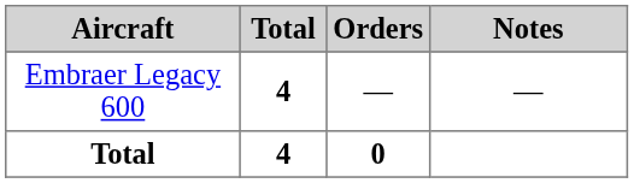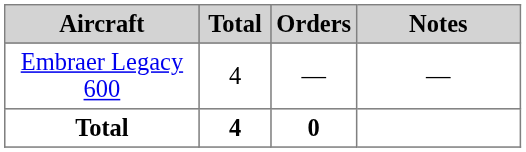 <table class="toccolours" border="1" cellpadding="3" style="border-collapse:collapse; text-align:center">
 <tr style="background:lightgrey">
 <th rowspan="1" style="width:120px;"><span>Aircraft</span></th>
 <th rowspan="1" style="width:40px;"><span>Total</span></th>
 <th rowspan="1" style="width:40px;"><span>Orders</span></th>
 <th rowspan="1" style="width:100px;"><span>Notes</span></th>
 </tr>
 <tr>
 <td><a href='#'>Embraer Legacy 600</a></td>
-<td><strong>4</strong></td>
+<td>4</td>
 <td>—</td>
 <td>—</td>
 </tr>
 <tr>
 <th>Total</th>
 <th>4</th>
 <th>0</th>
 <th colspan="6"></th>
 </tr>
 </table>
